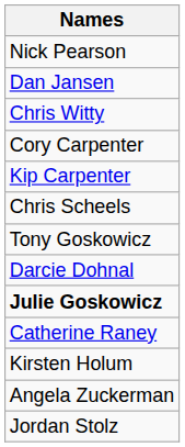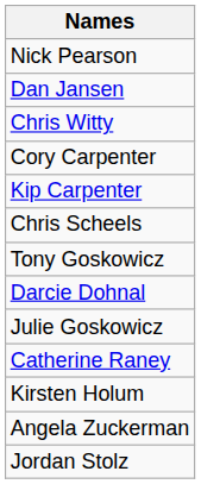 <table class="wikitable" border="1">
 <tr>
 <th>Names</th>
 </tr>
 <tr>
 <td>Nick Pearson</td>
 </tr>
 <tr>
 <td><a href='#'>Dan Jansen</a></td>
 </tr>
 <tr>
 <td><a href='#'>Chris Witty</a></td>
 </tr>
 <tr>
 <td>Cory Carpenter</td>
 </tr>
 <tr>
 <td><a href='#'>Kip Carpenter</a></td>
 </tr>
 <tr>
 <td>Chris Scheels</td>
 </tr>
 <tr>
 <td>Tony Goskowicz</td>
 </tr>
 <tr>
 <td><a href='#'>Darcie Dohnal</a></td>
 </tr>
 <tr>
-<td><strong>Julie Goskowicz</strong></td>
+<td>Julie Goskowicz</td>
 </tr>
 <tr>
 <td><a href='#'>Catherine Raney</a></td>
 </tr>
 <tr>
 <td>Kirsten Holum</td>
 </tr>
 <tr>
 <td>Angela Zuckerman</td>
 </tr>
 <tr>
 <td>Jordan Stolz</td>
 </tr>
 </table>
